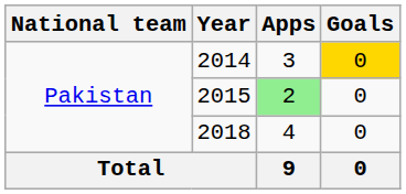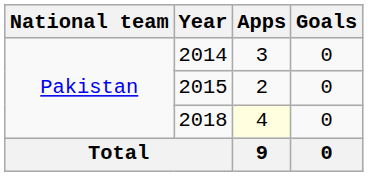 <table class="wikitable" style="text-align:center">
 <tr>
 <th>National team</th>
 <th>Year</th>
 <th>Apps</th>
 <th>Goals</th>
 </tr>
 <tr>
 <td rowspan="3"><a href='#'>Pakistan</a></td>
 <td>2014</td>
 <td>3</td>
-<td style="background: gold;">0</td>
+<td>0</td>
 </tr>
 <tr>
 <td>2015</td>
-<td style="background: lightgreen;">2</td>
+<td>2</td>
 <td>0</td>
 </tr>
 <tr>
 <td>2018</td>
-<td>4</td>
+<td style="background: lightyellow;">4</td>
 <td>0</td>
 </tr>
 <tr>
 <th colspan=2>Total</th>
 <th>9</th>
 <th>0</th>
 </tr>
 </table>
